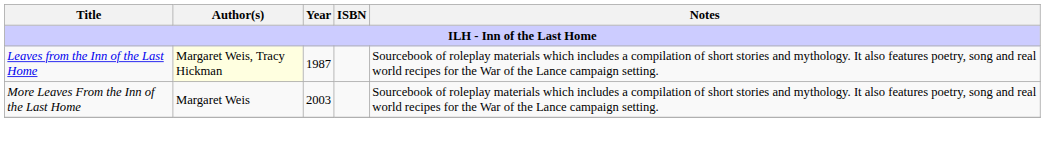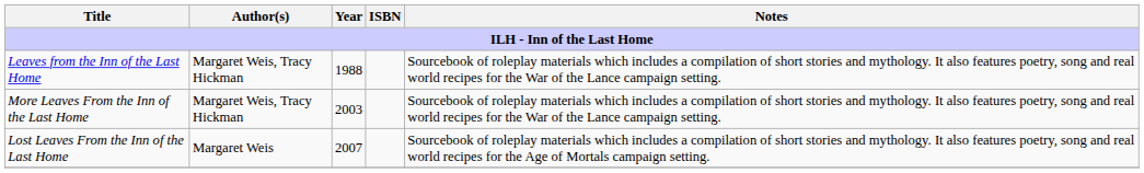 <table class="wikitable sortable" style="margins:auto; width=95%; font-size: 95%;">
 <tr>
 <th>Title</th>
 <th>Author(s)</th>
 <th>Year</th>
 <th>ISBN</th>
 <th>Notes</th>
 </tr>
 <tr>
 <th colspan="5" style="background-color:#ccccff;">ILH - Inn of the Last Home</th>
 </tr>
 <tr>
 <td><em><a href='#'>Leaves from the Inn of the Last Home</a></em></td>
-<td style="background: lightyellow;">Margaret Weis, Tracy Hickman</td>
-<td>1987</td>
+<td>Margaret Weis, Tracy Hickman</td>
+<td>1988</td>
 <td></td>
 <td>Sourcebook of roleplay materials which includes a compilation of short stories and mythology. It also features poetry, song and real world recipes for the War of the Lance campaign setting.</td>
 </tr>
 <tr>
 <td><em>More Leaves From the Inn of the Last Home</em></td>
-<td>Margaret Weis</td>
+<td>Margaret Weis, Tracy Hickman</td>
 <td>2003</td>
 <td></td>
 <td>Sourcebook of roleplay materials which includes a compilation of short stories and mythology. It also features poetry, song and real world recipes for the War of the Lance campaign setting.</td>
 </tr>
 <tr>
+<td><em>Lost Leaves From the Inn of the Last Home</em></td>
+<td>Margaret Weis</td>
+<td>2007</td>
+<td></td>
+<td>Sourcebook of roleplay materials which includes a compilation of short stories and mythology. It also features poetry, song and real world recipes for the Age of Mortals campaign setting.</td>
+</tr>
+<tr>
 </tr>
 </table>
